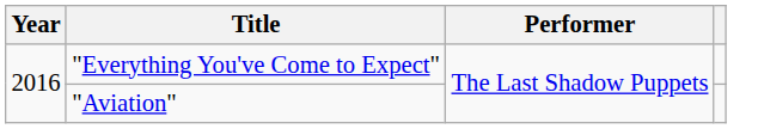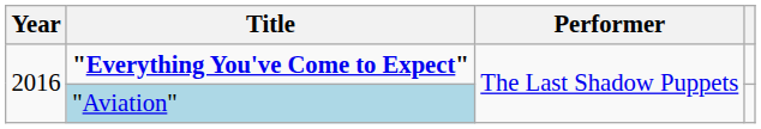 <table class="wikitable plainrowheaders">
 <tr>
 <th scope="col">Year</th>
 <th scope="col">Title</th>
 <th scope="col">Performer</th>
 <th></th>
 </tr>
 <tr>
 <td rowspan=2>2016</td>
-<td>"<a href='#'>Everything You've Come to Expect</a>"</td>
+<td><strong>"<a href='#'>Everything You've Come to Expect</a>"</strong></td>
 <td rowspan=2><a href='#'>The Last Shadow Puppets</a></td>
 <td></td>
 </tr>
 <tr>
-<td>"<a href='#'>Aviation</a>"</td>
+<td style="background: lightblue;">"<a href='#'>Aviation</a>"</td>
 <td></td>
 </tr>
 </table>
